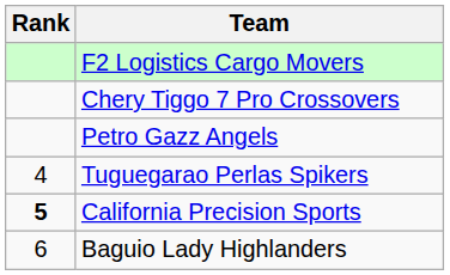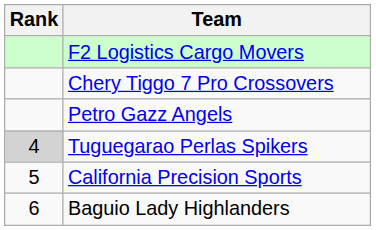 <table class="wikitable" style="text-align:center;">
 <tr>
 <th width=40>Rank</th>
 <th width=240>Team</th>
 </tr>
 <tr bgcolor=#ccffcc>
 <td></td>
 <td style="text-align:left;"><a href='#'>F2 Logistics Cargo Movers</a></td>
 </tr>
 <tr>
 <td></td>
 <td style="text-align:left;"><a href='#'>Chery Tiggo 7 Pro Crossovers</a></td>
 </tr>
 <tr>
 <td></td>
 <td style="text-align:left;"><a href='#'>Petro Gazz Angels</a></td>
 </tr>
 <tr>
-<td>4</td>
+<td style="background: lightgrey;">4</td>
 <td style="text-align:left;"><a href='#'>Tuguegarao Perlas Spikers</a></td>
 </tr>
 <tr>
-<td><strong>5</strong></td>
+<td>5</td>
 <td style="text-align:left;"><a href='#'>California Precision Sports</a></td>
 </tr>
 <tr>
 <td>6</td>
 <td style="text-align:left;">Baguio Lady Highlanders</td>
 </tr>
 </table>
